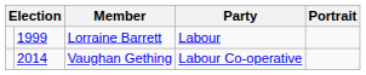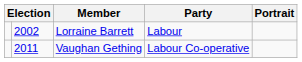 <table class="wikitable">
 <tr>
 <th colspan="2">Election</th>
 <th>Member</th>
 <th>Party</th>
 <th>Portrait</th>
 </tr>
 <tr>
 <td style="background-color: "></td>
-<td><a href='#'>1999</a></td>
+<td><a href='#'>2002</a></td>
 <td><a href='#'>Lorraine Barrett</a></td>
 <td><a href='#'>Labour</a></td>
 <td></td>
 </tr>
 <tr>
 <td style="background-color: "></td>
-<td><a href='#'>2014</a></td>
+<td><a href='#'>2011</a></td>
 <td><a href='#'>Vaughan Gething</a></td>
 <td><a href='#'>Labour Co-operative</a></td>
 <td></td>
 </tr>
 </table>
